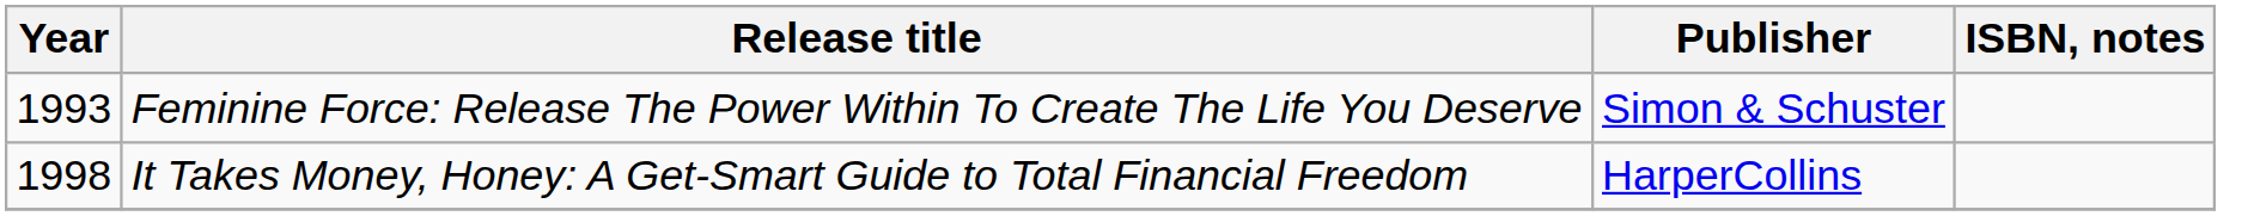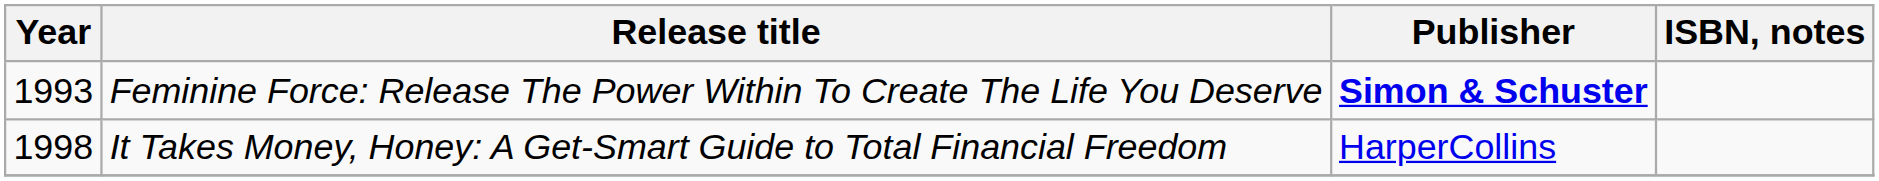 <table class="wikitable" style="text-align:left;font-size:100%;">
 <tr>
 <th>Year</th>
 <th>Release title</th>
 <th>Publisher</th>
 <th>ISBN, notes</th>
 </tr>
 <tr>
 <td>1993</td>
 <td><em>Feminine Force: Release The Power Within To Create The Life You Deserve</em></td>
-<td><a href='#'>Simon & Schuster</a></td>
+<td><strong><a href='#'>Simon & Schuster</a></strong></td>
 <td></td>
 </tr>
 <tr>
 <td>1998</td>
 <td><em>It Takes Money, Honey: A Get-Smart Guide to Total Financial Freedom</em></td>
 <td><a href='#'>HarperCollins</a></td>
 <td></td>
 </tr>
 <tr>
 </tr>
 </table>
